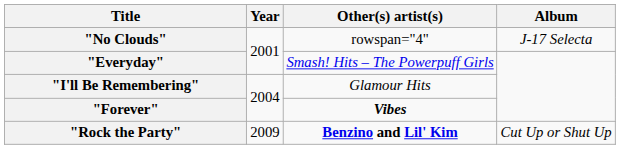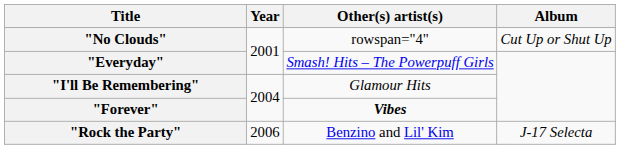 <table class="wikitable plainrowheaders" style="text-align:center;" border="1">
 <tr>
 <th scope="col" style="width:16em;">Title</th>
 <th scope="col">Year</th>
 <th scope="col">Other(s) artist(s)</th>
 <th scope="col">Album</th>
 </tr>
 <tr>
 <th scope="row">"No Clouds"</th>
 <td rowspan="2">2001</td>
 <td>rowspan="4" </td>
-<td><em>J-17 Selecta</em></td>
+<td><em>Cut Up or Shut Up</em></td>
 </tr>
 <tr>
 <th scope="row">"Everyday"</th>
 <td><em><a href='#'>Smash! Hits – The Powerpuff Girls</a></em></td>
 </tr>
 <tr>
 <th scope="row">"I'll Be Remembering"</th>
 <td rowspan="2">2004</td>
 <td><em>Glamour Hits</em></td>
 </tr>
 <tr>
 <th scope="row">"Forever"</th>
 <td><strong><em>Vibes</em></strong></td>
 </tr>
 <tr>
 <th scope="row">"Rock the Party"</th>
-<td>2009</td>
-<td><strong><a href='#'>Benzino</a> and <a href='#'>Lil' Kim</a></strong></td>
-<td><em>Cut Up or Shut Up</em></td>
+<td>2006</td>
+<td><a href='#'>Benzino</a> and <a href='#'>Lil' Kim</a></td>
+<td><em>J-17 Selecta</em></td>
 </tr>
 </table>
